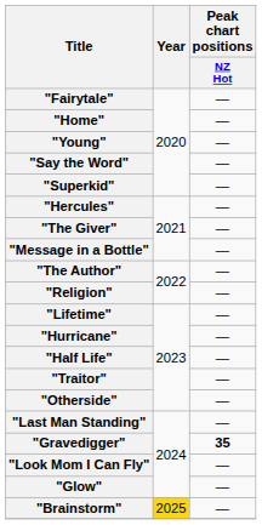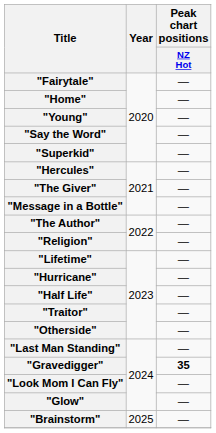 <table class="wikitable plainrowheaders" style="text-align:center">
 <tr>
 <th scope="col" rowspan="2">Title</th>
 <th scope="col" rowspan="2">Year</th>
 <th scope="col">Peak chart positions</th>
 </tr>
 <tr>
 <th scope="col" style="width:3em;font-size:85%;"><a href='#'>NZ<br>Hot</a><br></th>
 </tr>
 <tr>
 <th scope="row">"Fairytale"</th>
 <td rowspan="5">2020</td>
 <td>—</td>
 </tr>
 <tr>
 <th scope="row">"Home"</th>
 <td>—</td>
 </tr>
 <tr>
 <th scope="row">"Young"</th>
 <td>—</td>
 </tr>
 <tr>
 <th scope="row">"Say the Word"</th>
 <td>—</td>
 </tr>
 <tr>
 <th scope="row">"Superkid"</th>
 <td>—</td>
 </tr>
 <tr>
 <th scope="row">"Hercules"</th>
 <td rowspan="3">2021</td>
 <td>—</td>
 </tr>
 <tr>
 <th scope="row">"The Giver"</th>
 <td>—</td>
 </tr>
 <tr>
 <th scope="row">"Message in a Bottle"</th>
 <td>—</td>
 </tr>
 <tr>
 <th scope="row">"The Author"</th>
 <td rowspan="2">2022</td>
 <td>—</td>
 </tr>
 <tr>
 <th scope="row">"Religion"</th>
 <td>—</td>
 </tr>
 <tr>
 <th scope="row">"Lifetime"</th>
 <td rowspan="5">2023</td>
 <td>—</td>
 </tr>
 <tr>
 <th scope="row">"Hurricane"</th>
 <td>—</td>
 </tr>
 <tr>
 <th scope="row">"Half Life"</th>
 <td>—</td>
 </tr>
 <tr>
 <th scope="row">"Traitor"</th>
 <td>—</td>
 </tr>
 <tr>
 <th scope="row">"Otherside"</th>
 <td>—</td>
 </tr>
 <tr>
 <th scope="row">"Last Man Standing"</th>
 <td rowspan="4">2024</td>
 <td>—</td>
 </tr>
 <tr>
 <th scope="row">"Gravedigger"</th>
 <td><strong>35</strong></td>
 </tr>
 <tr>
 <th scope="row">"Look Mom I Can Fly"</th>
 <td>—</td>
 </tr>
 <tr>
 <th scope="row">"Glow"</th>
 <td>—</td>
 </tr>
 <tr>
 <th scope="row">"Brainstorm"</th>
-<td rowspan="" style="background: gold;">2025</td>
+<td rowspan="">2025</td>
 <td>—</td>
 </tr>
 <tr>
 </tr>
 </table>
